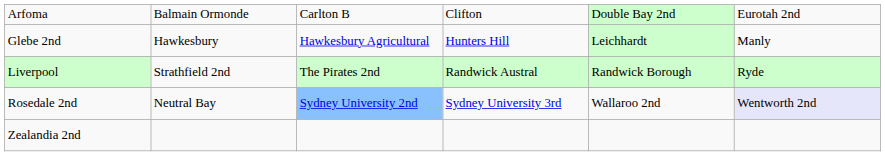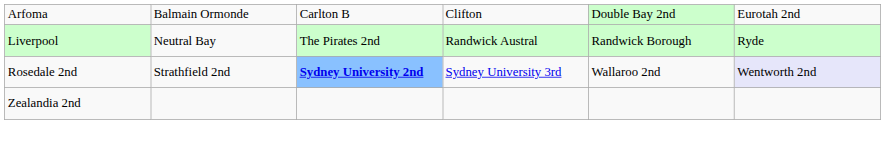 <table class="wikitable" style="margin:auto; text-valign:center; text-align:left;">
 <tr>
 <td width="175"> Arfoma</td>
 <td width="175">Balmain Ormonde</td>
 <td width="175">Carlton B</td>
 <td width="175">Clifton</td>
 <td width="175", style="background: #ccffcc;">Double Bay 2nd</td>
 <td width="175">Eurotah 2nd</td>
 </tr>
 <tr style="line-height:200%">
-<td>Glebe 2nd</td>
-<td>Hawkesbury</td>
-<td><a href='#'>Hawkesbury Agricultural</a></td>
-<td><a href='#'>Hunters Hill</a></td>
-<td style="background: #ccffcc;">Leichhardt</td>
-<td> Manly</td>
-</tr>
-<tr style="line-height:200%">
 <td style="background: #ccffcc;">Liverpool</td>
-<td> Strathfield 2nd</td>
+<td>Neutral Bay</td>
 <td style="background: #ccffcc;"> The Pirates 2nd</td>
 <td style="background: #ccffcc;">Randwick Austral</td>
 <td style="background: #ccffcc;">Randwick Borough</td>
 <td style="background: #ccffcc;">Ryde</td>
 </tr>
 <tr style="line-height:200%">
 <td> Rosedale 2nd</td>
-<td>Neutral Bay</td>
-<td style="background: #89c1ff;"> <a href='#'>Sydney University 2nd</a></td>
+<td> Strathfield 2nd</td>
+<td style="background: #89c1ff;"><strong> <a href='#'>Sydney University 2nd</a></strong></td>
 <td> <a href='#'>Sydney University 3rd</a></td>
 <td> Wallaroo 2nd</td>
 <td style="background: lavender;">Wentworth 2nd</td>
 </tr>
 <tr style="line-height:200%">
 <td> Zealandia 2nd</td>
 <td></td>
 <td></td>
 <td></td>
 <td></td>
 <td></td>
 </tr>
 </table>
